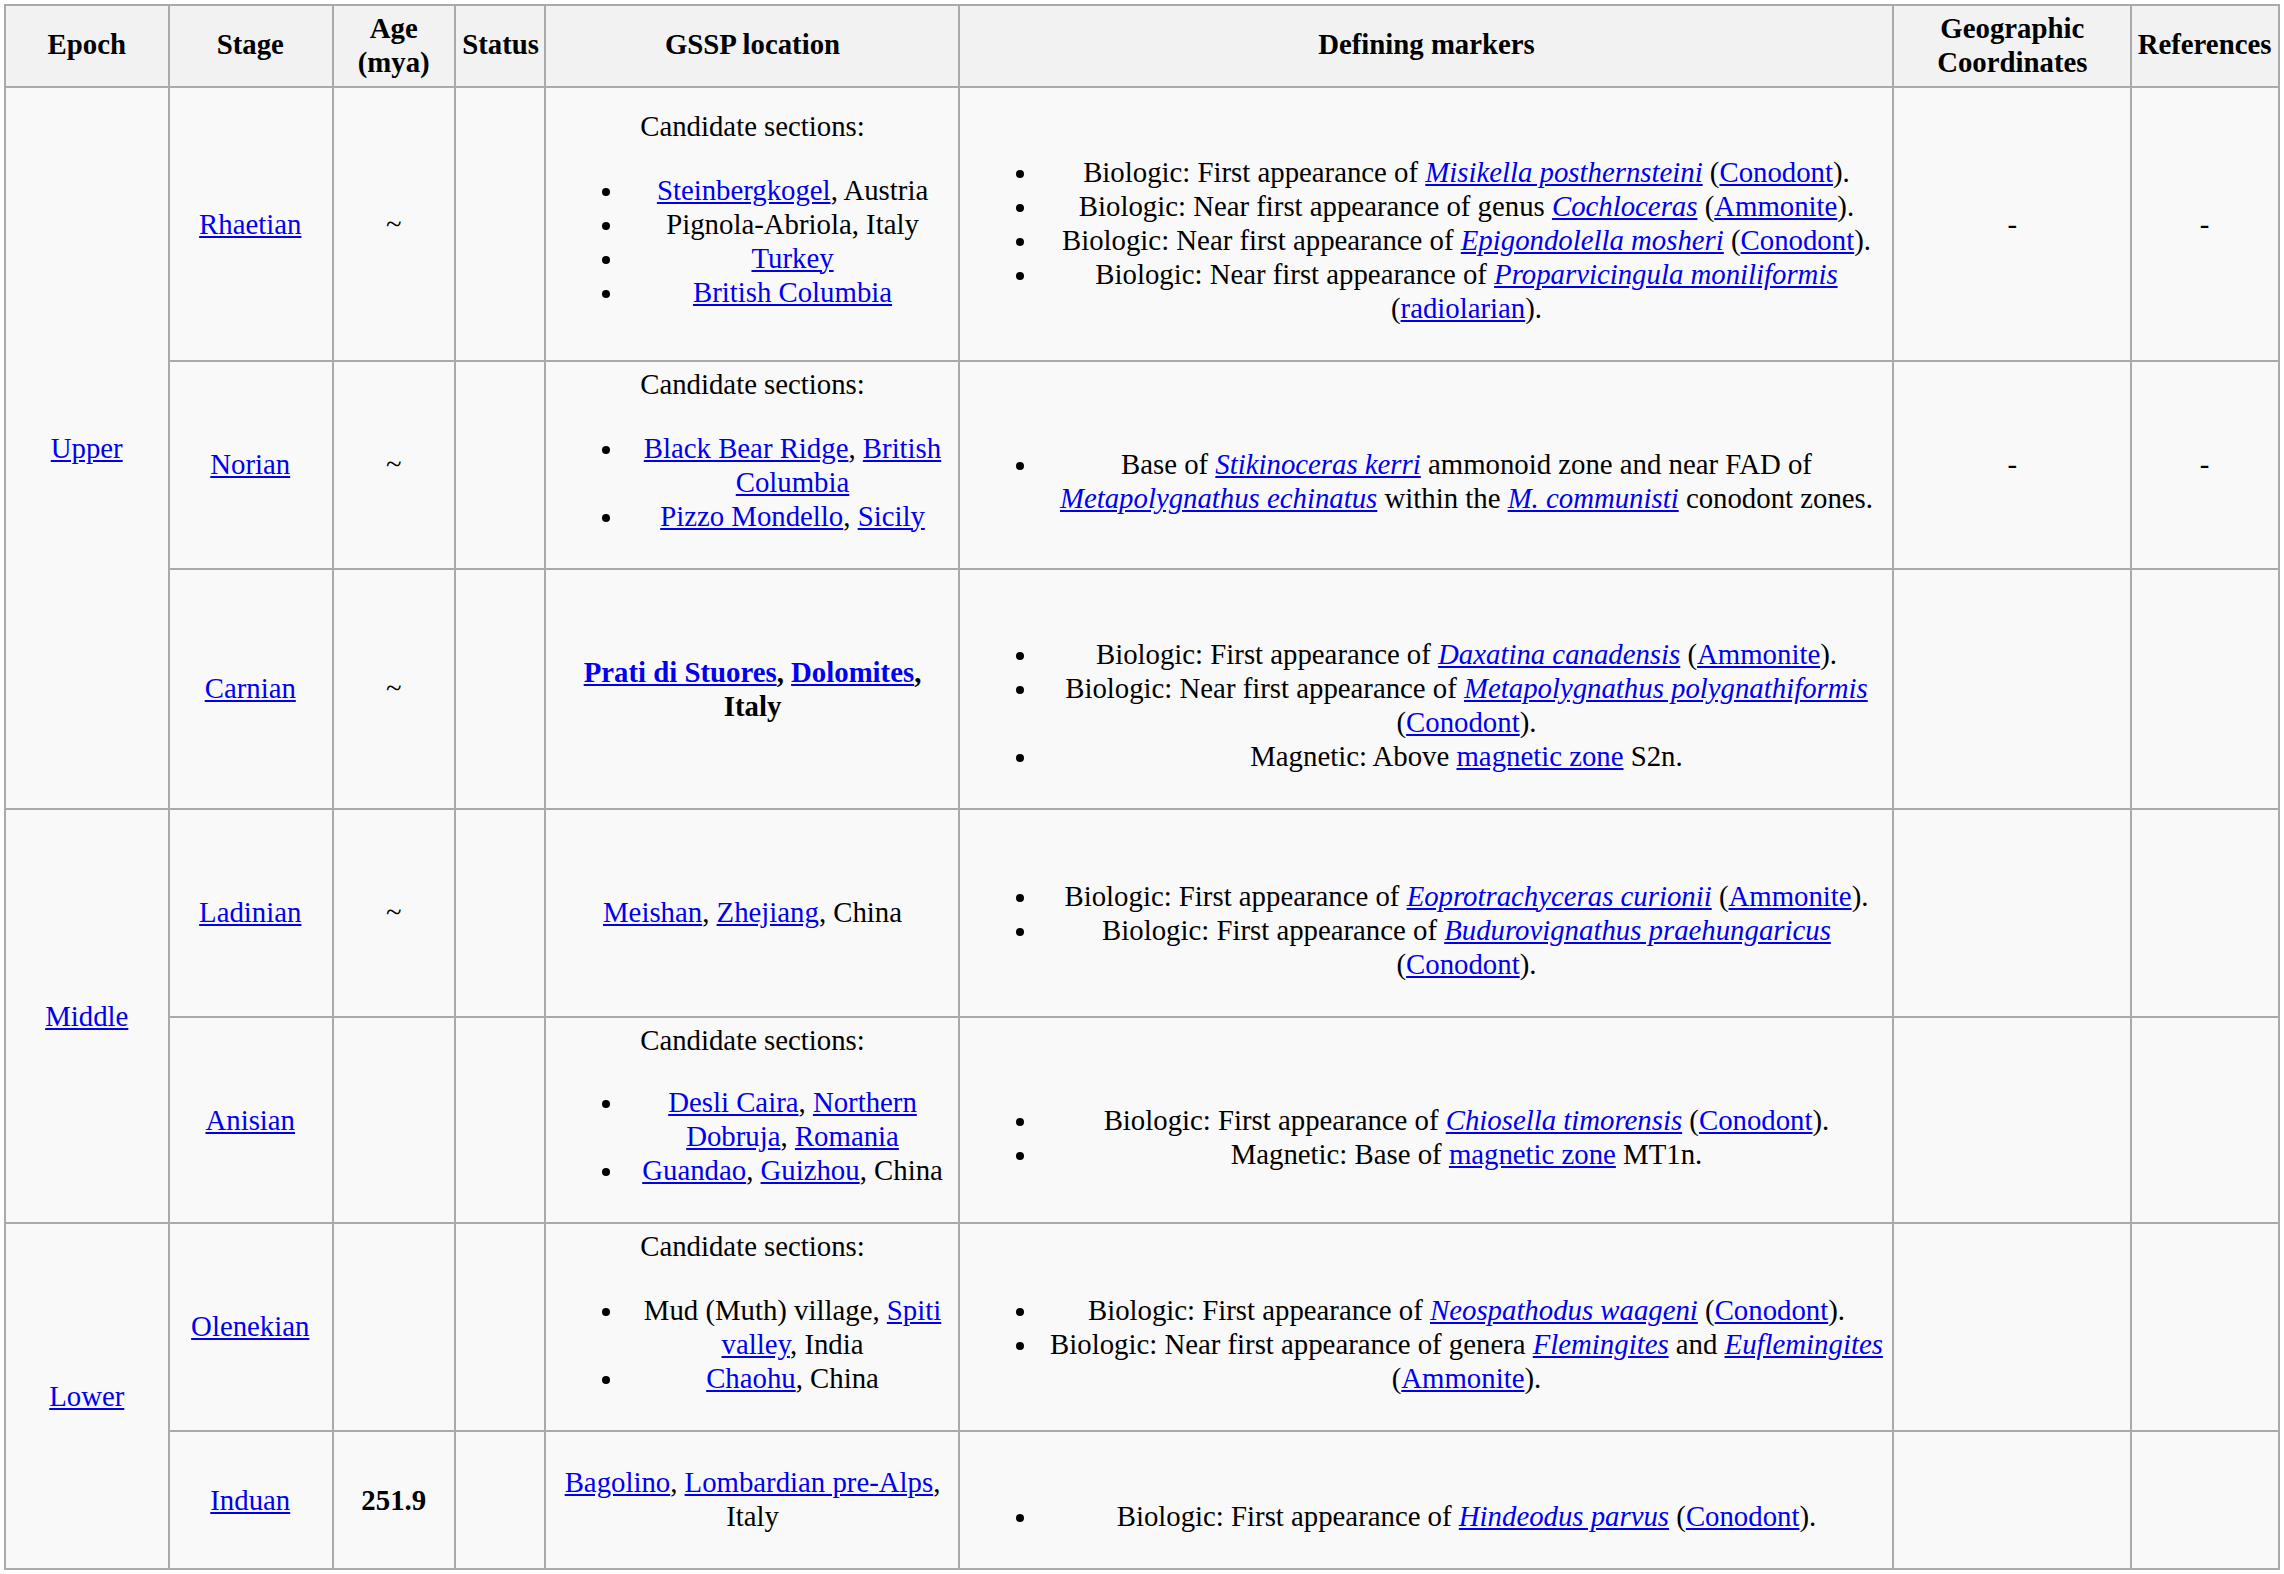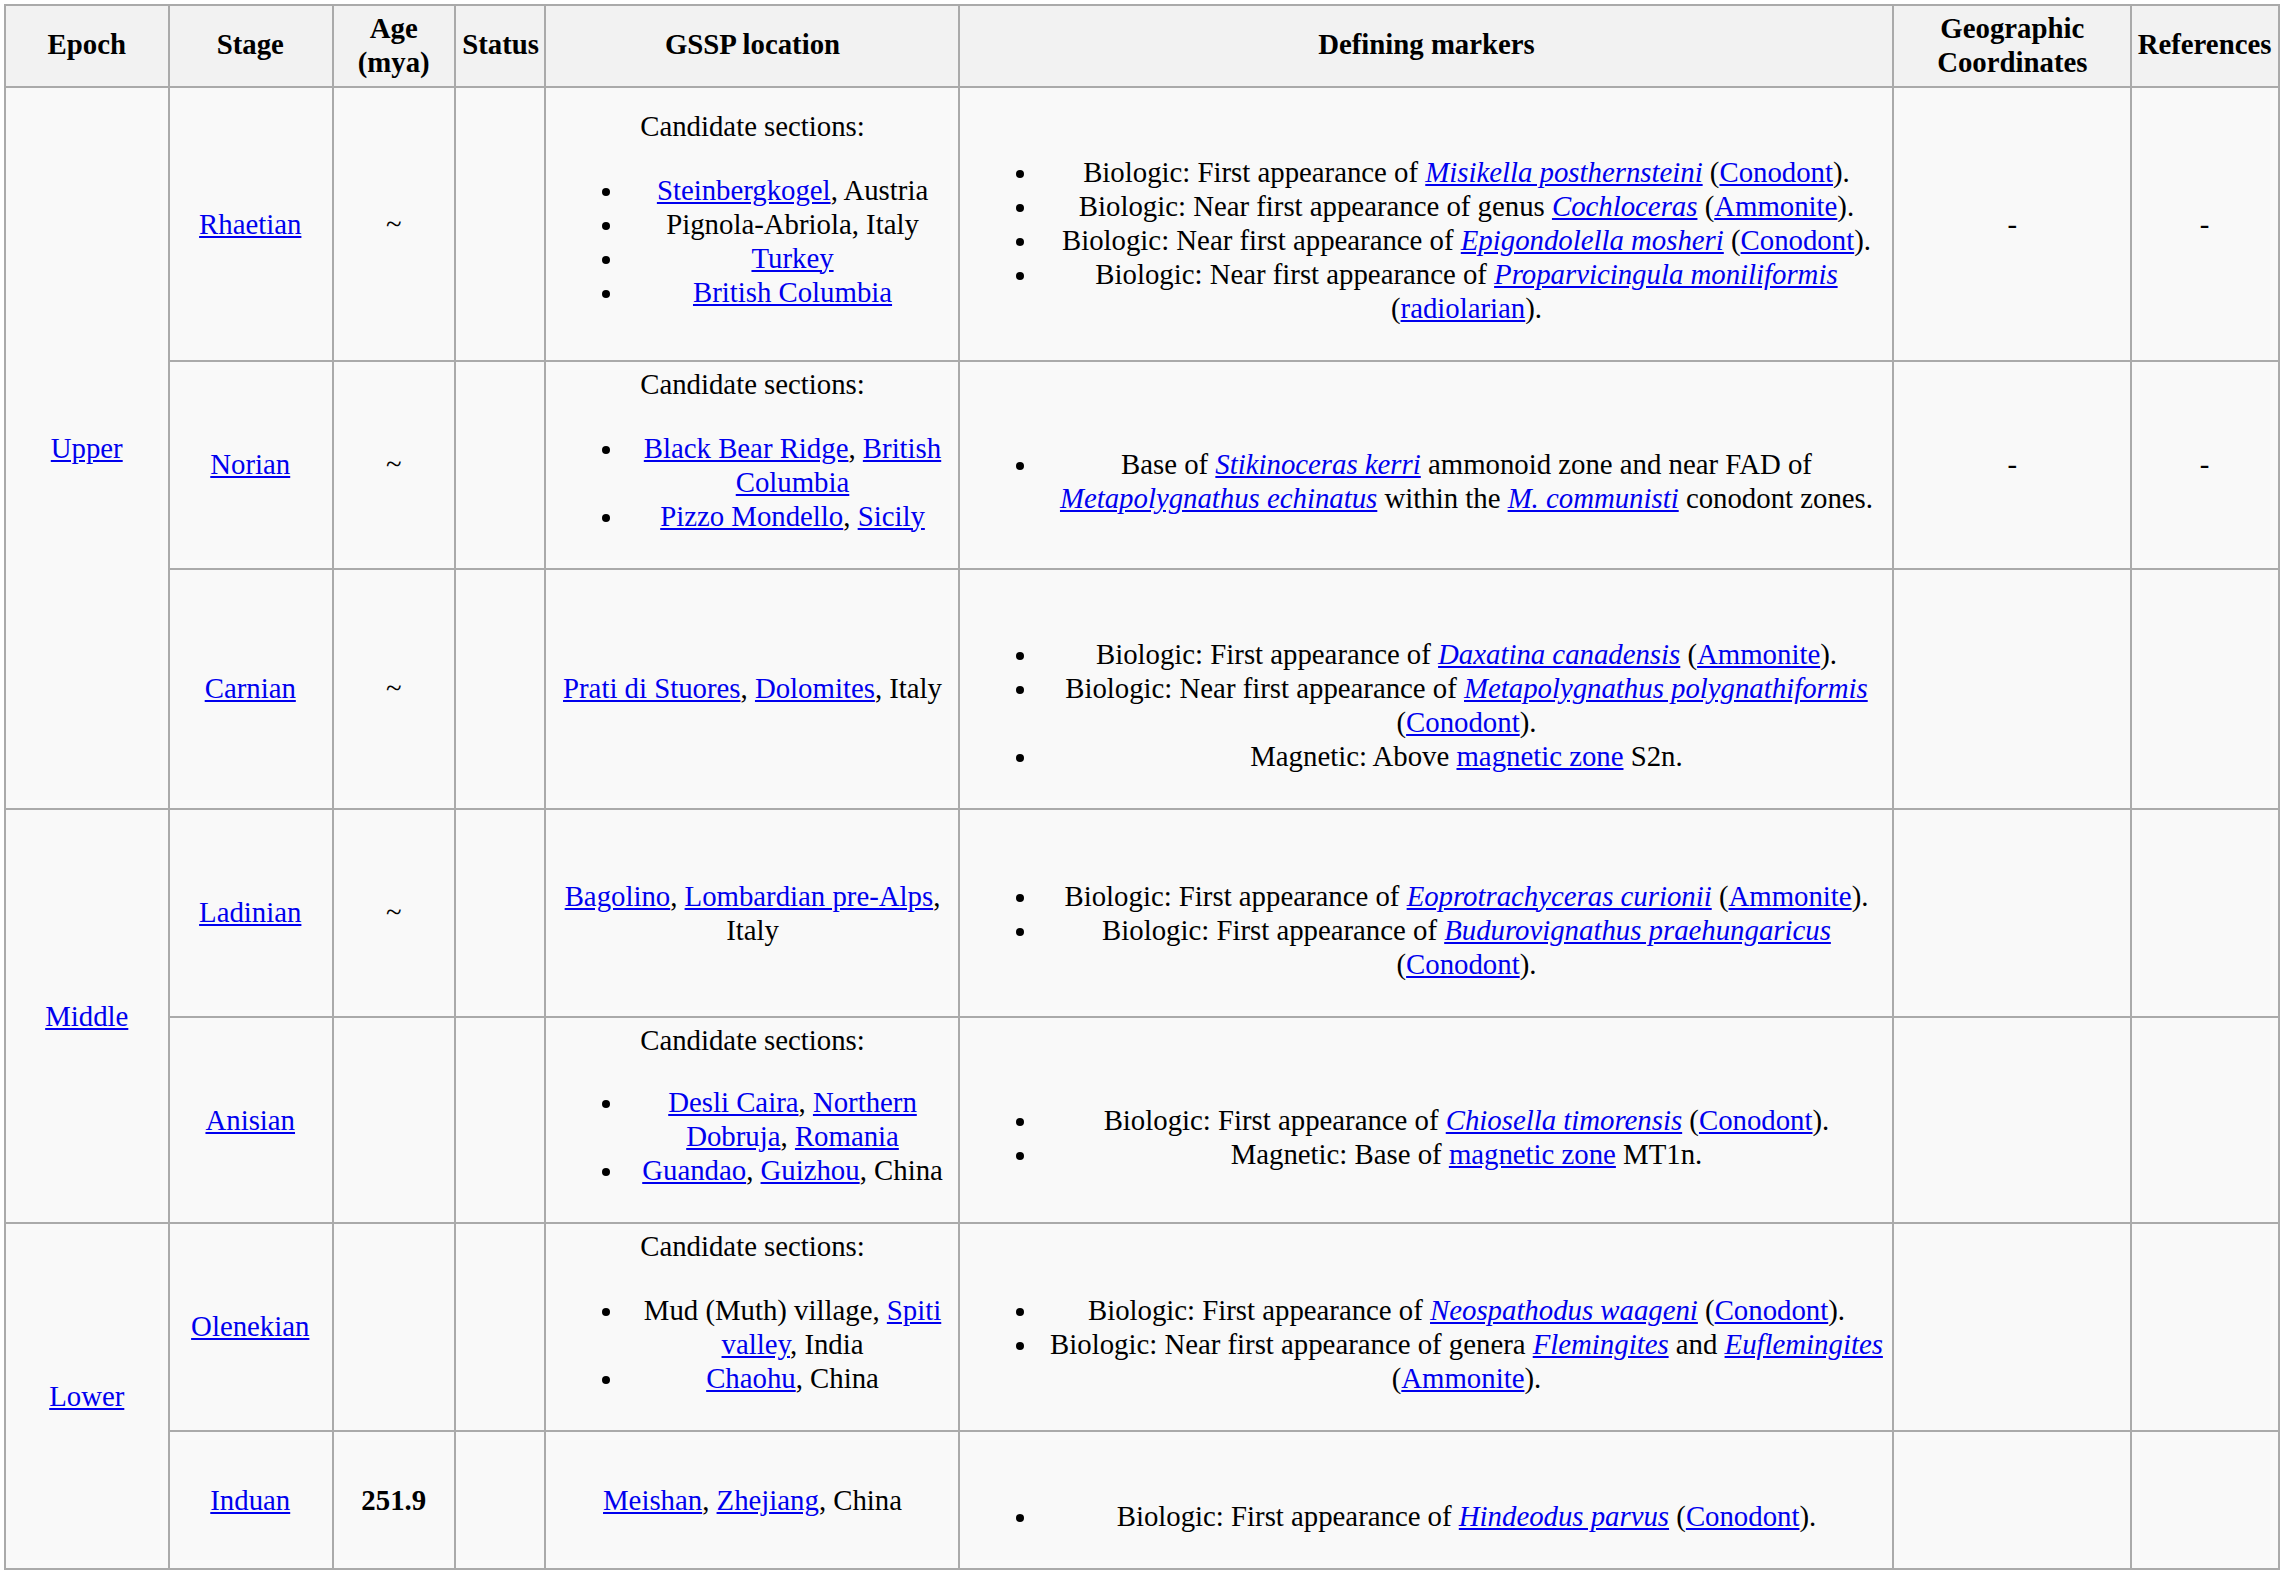 <table class="wikitable"  style="font-size:90%; width:90%; text-align:center;">
 <tr>
 <th style="width:75px;">Epoch</th>
 <th style="width:75px;">Stage</th>
 <th style="width:55px;">Age (mya)</th>
 <th style="width:15px;">Status</th>
 <th style="width:200px;">GSSP location</th>
 <th width="">Defining markers</th>
 <th width="">Geographic Coordinates</th>
 <th width="">References</th>
 </tr>
 <tr style="background:">
 <td rowspan="4"><a href='#'>Upper</a></td>
 </tr>
 <tr style="background:">
 <td><a href='#'>Rhaetian</a></td>
 <td>~</td>
 <td></td>
 <td>Candidate sections:<br><ul><li><a href='#'>Steinbergkogel</a>, Austria</li><li>Pignola-Abriola, Italy</li><li><a href='#'>Turkey</a></li><li><a href='#'>British Columbia</a></li></ul></td>
 <td><br><ul><li>Biologic: First appearance of <em><a href='#'>Misikella posthernsteini</a></em> (<a href='#'>Conodont</a>).</li><li>Biologic: Near first appearance of genus <em><a href='#'>Cochloceras</a></em> (<a href='#'>Ammonite</a>).</li><li>Biologic: Near first appearance of <em><a href='#'>Epigondolella mosheri</a></em> (<a href='#'>Conodont</a>).</li><li>Biologic: Near first appearance of <em><a href='#'>Proparvicingula moniliformis</a></em> (<a href='#'>radiolarian</a>).</li></ul></td>
 <td>-</td>
 <td>-</td>
 </tr>
 <tr style="background:">
 <td><a href='#'>Norian</a></td>
 <td>~</td>
 <td></td>
 <td>Candidate sections:<br><ul><li><a href='#'>Black Bear Ridge</a>, <a href='#'>British Columbia</a></li><li><a href='#'>Pizzo Mondello</a>, <a href='#'>Sicily</a></li></ul></td>
 <td><br><ul><li>Base of <em><a href='#'>Stikinoceras kerri</a></em> ammonoid zone and near FAD of <em><a href='#'>Metapolygnathus echinatus</a></em> within the <em><a href='#'>M. communisti</a></em> conodont zones.</li></ul></td>
 <td>-</td>
 <td>-</td>
 </tr>
 <tr style="background:">
 <td><a href='#'>Carnian</a></td>
 <td>~</td>
 <td></td>
-<td><strong><a href='#'>Prati di Stuores</a>, <a href='#'>Dolomites</a>, Italy</strong></td>
+<td><a href='#'>Prati di Stuores</a>, <a href='#'>Dolomites</a>, Italy</td>
 <td><br><ul><li>Biologic: First appearance of <em><a href='#'>Daxatina canadensis</a></em> (<a href='#'>Ammonite</a>).</li><li>Biologic: Near first appearance of <em><a href='#'>Metapolygnathus polygnathiformis</a></em> (<a href='#'>Conodont</a>).</li><li>Magnetic: Above <a href='#'>magnetic zone</a> S2n.</li></ul></td>
 <td></td>
 <td></td>
 </tr>
 <tr style="background:">
 <td rowspan="3"><a href='#'>Middle</a></td>
 </tr>
 <tr style="background:">
 <td><a href='#'>Ladinian</a></td>
 <td>~</td>
 <td></td>
-<td><a href='#'>Meishan</a>, <a href='#'>Zhejiang</a>, China</td>
+<td><a href='#'>Bagolino</a>, <a href='#'>Lombardian pre-Alps</a>, Italy</td>
 <td><br><ul><li>Biologic: First appearance of <em><a href='#'>Eoprotrachyceras curionii</a></em> (<a href='#'>Ammonite</a>).</li><li>Biologic: First appearance of <em><a href='#'>Budurovignathus praehungaricus</a></em> (<a href='#'>Conodont</a>).</li></ul></td>
 <td></td>
 <td></td>
 </tr>
 <tr style="background:">
 <td><a href='#'>Anisian</a></td>
 <td></td>
 <td></td>
 <td>Candidate sections:<br><ul><li><a href='#'>Desli Caira</a>, <a href='#'>Northern Dobruja</a>, <a href='#'>Romania</a></li><li><a href='#'>Guandao</a>, <a href='#'>Guizhou</a>, China</li></ul></td>
 <td><br><ul><li>Biologic: First appearance of <em><a href='#'>Chiosella timorensis</a></em> (<a href='#'>Conodont</a>).</li><li>Magnetic: Base of <a href='#'>magnetic zone</a> MT1n.</li></ul></td>
 <td></td>
 <td></td>
 </tr>
 <tr style="background:">
 <td rowspan="3"><a href='#'>Lower</a></td>
 </tr>
 <tr style="background:">
 <td><a href='#'>Olenekian</a></td>
 <td></td>
 <td></td>
 <td>Candidate sections:<br><ul><li>Mud (Muth) village, <a href='#'>Spiti valley</a>, India</li><li><a href='#'>Chaohu</a>, China</li></ul></td>
 <td><br><ul><li>Biologic: First appearance of <em><a href='#'>Neospathodus waageni</a></em> (<a href='#'>Conodont</a>).</li><li>Biologic: Near first appearance of genera <em><a href='#'>Flemingites</a></em> and <em><a href='#'>Euflemingites</a></em> (<a href='#'>Ammonite</a>).</li></ul></td>
 <td></td>
 <td></td>
 </tr>
 <tr style="background:">
 <td><a href='#'>Induan</a></td>
 <td><strong>251.9</strong></td>
 <td></td>
-<td><a href='#'>Bagolino</a>, <a href='#'>Lombardian pre-Alps</a>, Italy</td>
+<td><a href='#'>Meishan</a>, <a href='#'>Zhejiang</a>, China</td>
 <td><br><ul><li>Biologic: First appearance of <em><a href='#'>Hindeodus parvus</a></em> (<a href='#'>Conodont</a>).</li></ul></td>
 <td></td>
 <td></td>
 </tr>
 </table>
